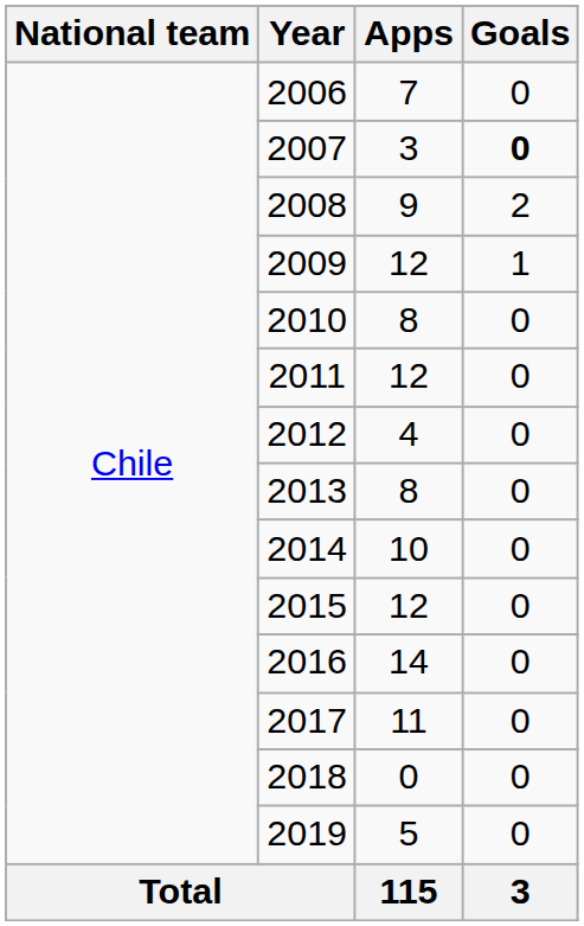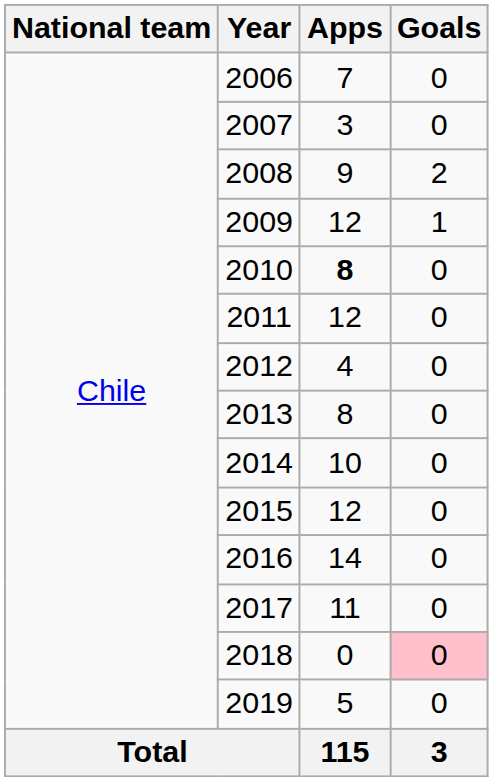 <table class="wikitable" style="text-align:center">
 <tr>
 <th>National team</th>
 <th>Year</th>
 <th>Apps</th>
 <th>Goals</th>
 </tr>
 <tr>
 <td rowspan="14"><a href='#'>Chile</a></td>
 <td>2006</td>
 <td>7</td>
 <td>0</td>
 </tr>
 <tr>
 <td>2007</td>
 <td>3</td>
-<td><strong>0</strong></td>
+<td>0</td>
 </tr>
 <tr>
 <td>2008</td>
 <td>9</td>
 <td>2</td>
 </tr>
 <tr>
 <td>2009</td>
 <td>12</td>
 <td>1</td>
 </tr>
 <tr>
 <td>2010</td>
-<td>8</td>
+<td><strong>8</strong></td>
 <td>0</td>
 </tr>
 <tr>
 <td>2011</td>
 <td>12</td>
 <td>0</td>
 </tr>
 <tr>
 <td>2012</td>
 <td>4</td>
 <td>0</td>
 </tr>
 <tr>
 <td>2013</td>
 <td>8</td>
 <td>0</td>
 </tr>
 <tr>
 <td>2014</td>
 <td>10</td>
 <td>0</td>
 </tr>
 <tr>
 <td>2015</td>
 <td>12</td>
 <td>0</td>
 </tr>
 <tr>
 <td>2016</td>
 <td>14</td>
 <td>0</td>
 </tr>
 <tr>
 <td>2017</td>
 <td>11</td>
 <td>0</td>
 </tr>
 <tr>
 <td>2018</td>
 <td>0</td>
-<td>0</td>
+<td style="background: pink;">0</td>
 </tr>
 <tr>
 <td>2019</td>
 <td>5</td>
 <td>0</td>
 </tr>
 <tr>
 <th colspan="2">Total</th>
 <th>115</th>
 <th>3</th>
 </tr>
 </table>
